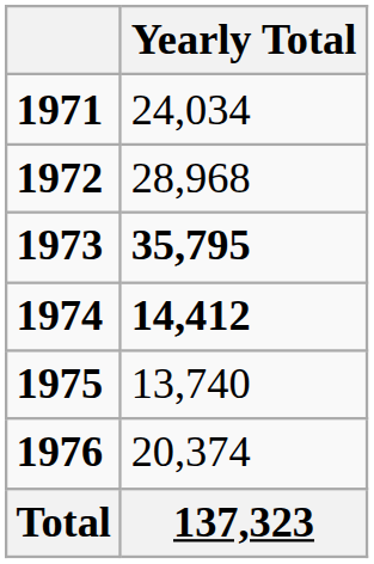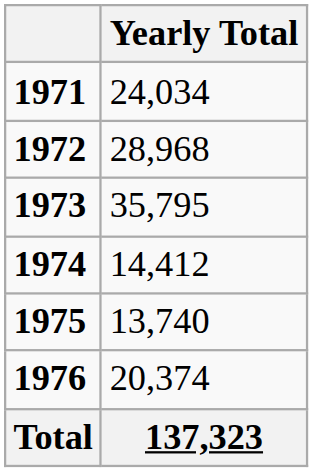 <table class="wikitable">
 <tr>
 <th></th>
 <th>Yearly Total</th>
 </tr>
 <tr>
 <td><strong>1971</strong></td>
 <td>24,034</td>
 </tr>
 <tr>
 <td><strong>1972</strong></td>
 <td>28,968</td>
 </tr>
 <tr>
 <td><strong>1973</strong></td>
-<td><strong>35,795</strong></td>
+<td>35,795</td>
 </tr>
 <tr>
 <td><strong>1974</strong></td>
-<td><strong>14,412</strong></td>
+<td>14,412</td>
 </tr>
 <tr>
 <td><strong>1975</strong></td>
 <td>13,740</td>
 </tr>
 <tr>
 <td><strong>1976</strong></td>
 <td>20,374</td>
 </tr>
 <tr>
 <th><strong>Total</strong></th>
 <th><strong><u>137,323</u></strong></th>
 </tr>
 </table>
